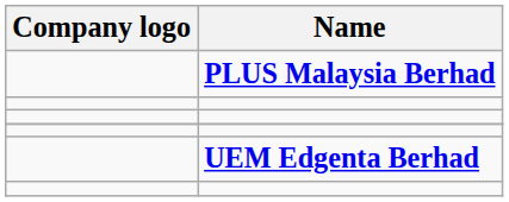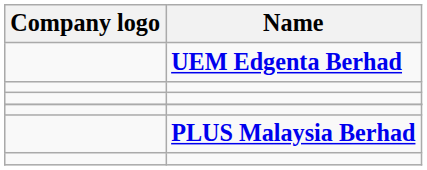 <table class="wikitable">
 <tr>
 <th>Company logo</th>
 <th>Name</th>
 </tr>
 <tr>
 <td></td>
-<td><strong><a href='#'>PLUS Malaysia Berhad</a></strong></td>
+<td><strong><a href='#'>UEM Edgenta Berhad</a></strong></td>
 </tr>
 <tr>
 <td></td>
 <td><strong> </strong></td>
 </tr>
 <tr>
 <td></td>
 <td><strong></strong></td>
 </tr>
 <tr>
 </tr>
 <tr>
 <td></td>
 <td><strong></strong></td>
 </tr>
 <tr>
 <td></td>
-<td><strong><a href='#'>UEM Edgenta Berhad</a></strong></td>
+<td><strong><a href='#'>PLUS Malaysia Berhad</a></strong></td>
 </tr>
 <tr>
 <td></td>
 <td><strong></strong></td>
 </tr>
 </table>
